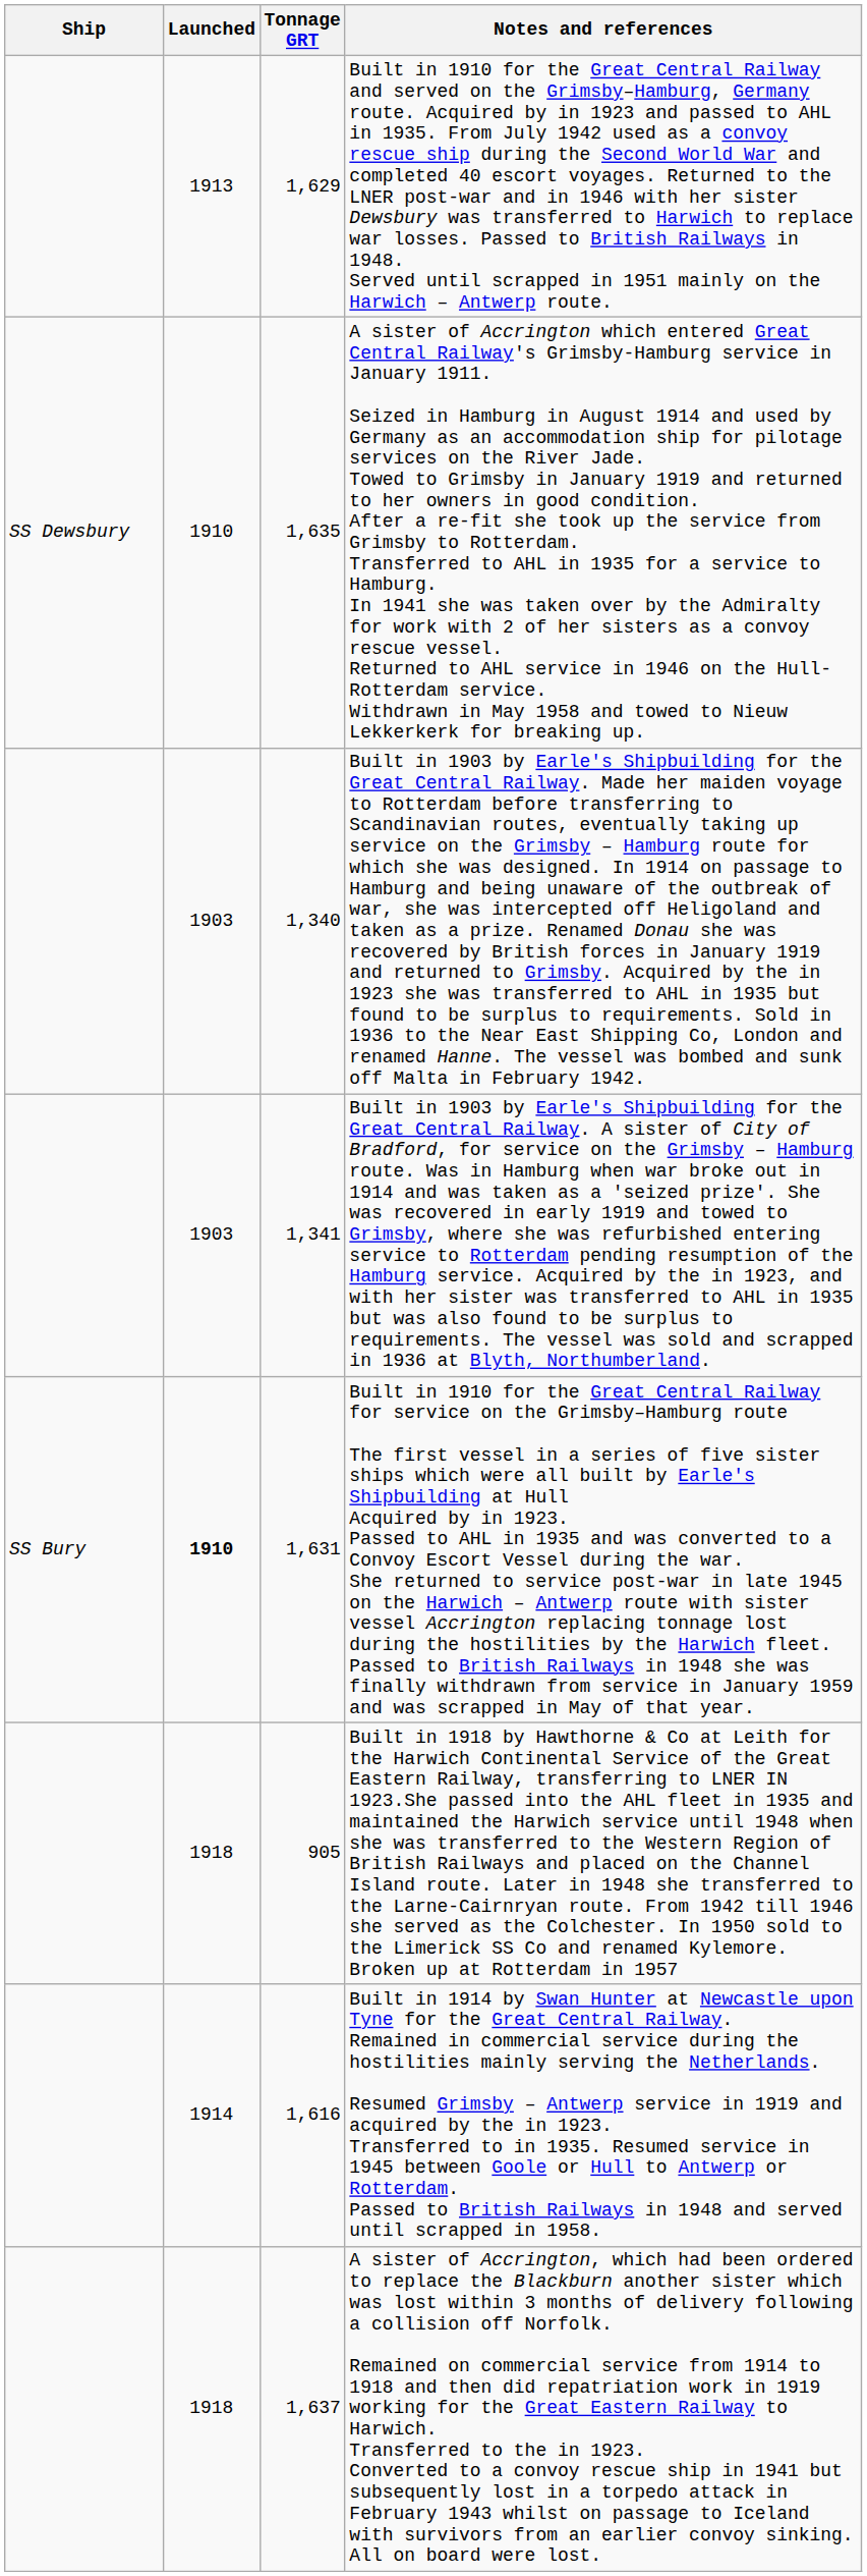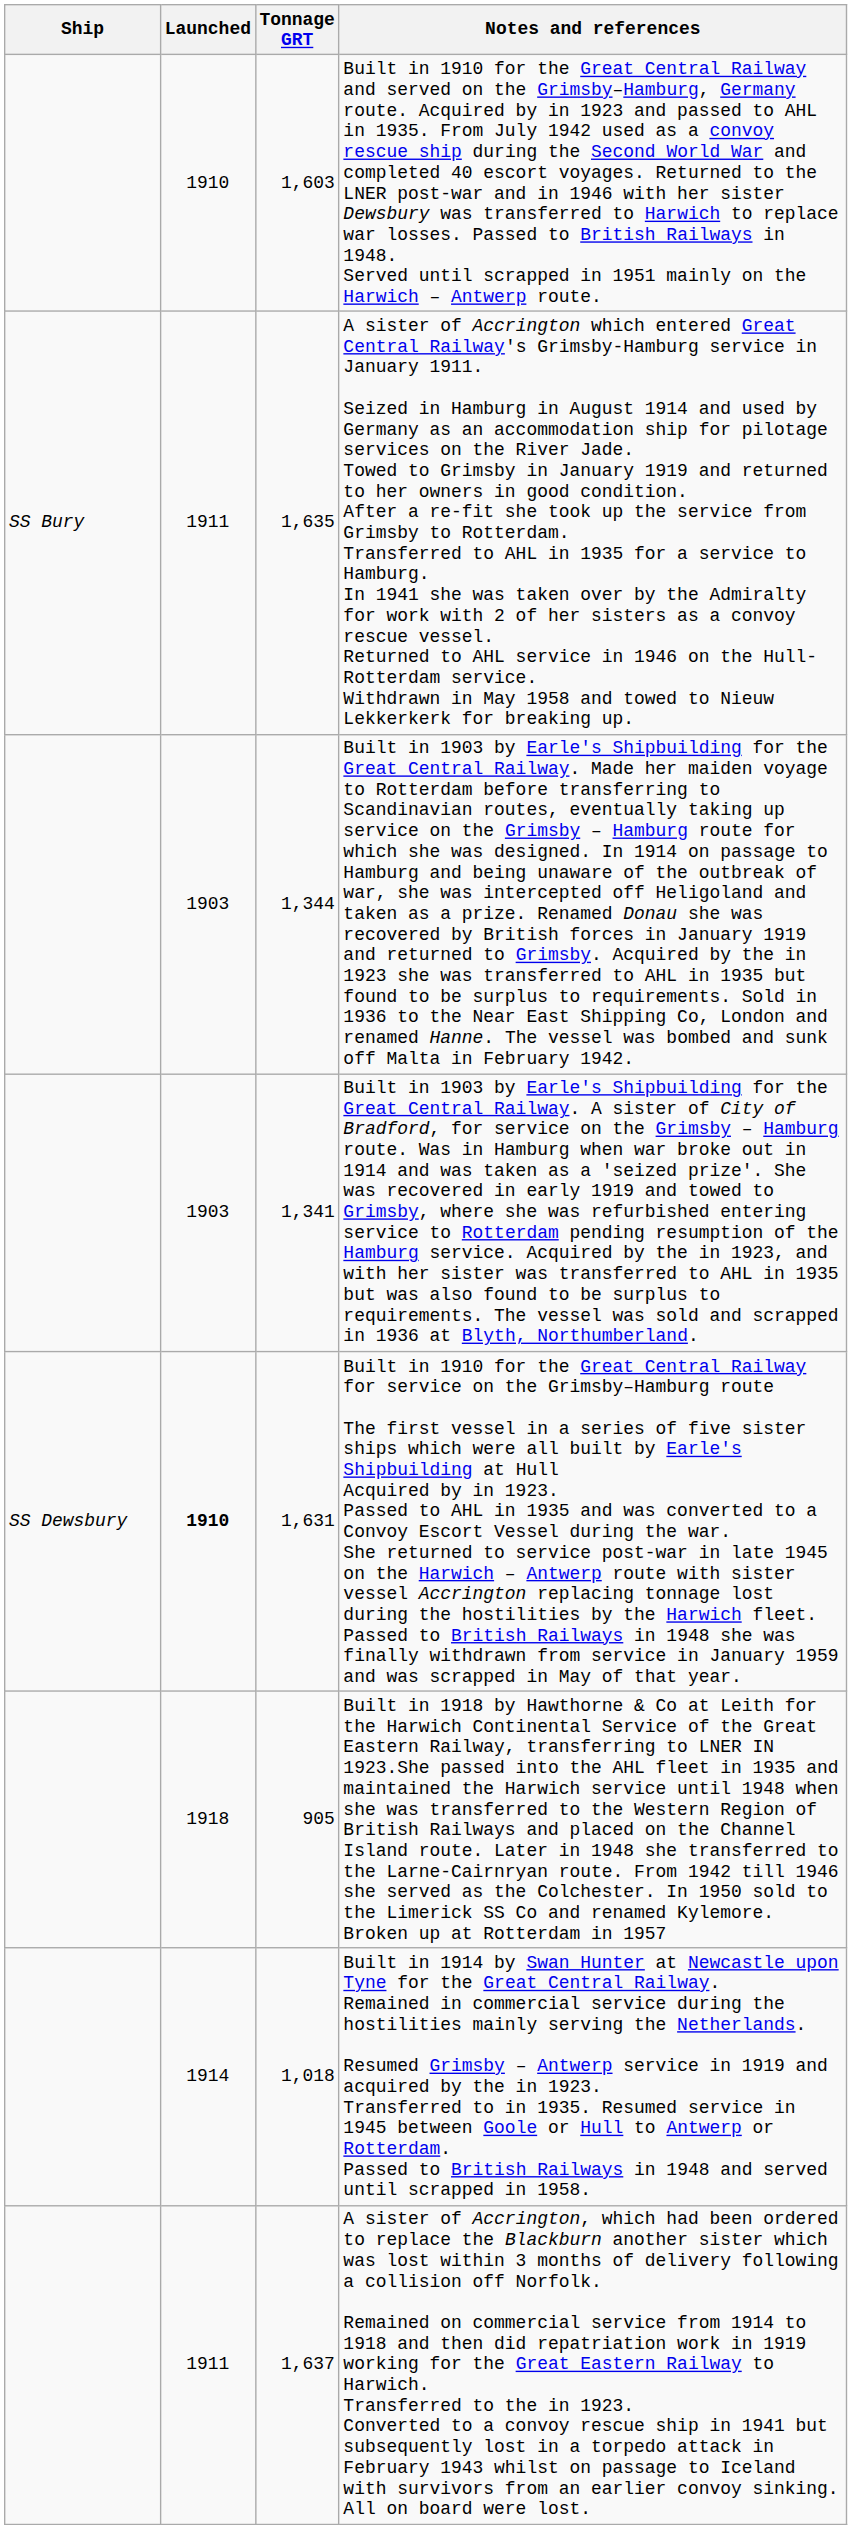 <table class="wikitable sortable">
 <tr>
 <th scope="col" width="150px">Ship</th>
 <th scope="col" width="25px">Launched</th>
 <th scope="col" width="25px">Tonnage <a href='#'>GRT</a></th>
 <th scope="col" width="600px">Notes and references</th>
 </tr>
 <tr>
 <td><em></em></td>
-<td align="center">1913</td>
-<td align="right">1,629</td>
+<td align="center">1910</td>
+<td align="right">1,603</td>
 <td>Built in 1910 for the <a href='#'>Great Central Railway</a> and served on the <a href='#'>Grimsby</a>–<a href='#'>Hamburg</a>, <a href='#'>Germany</a> route. Acquired by  in 1923 and passed to AHL in 1935. From July 1942 used as a <a href='#'>convoy rescue ship</a> during the <a href='#'>Second World War</a> and completed 40 escort voyages. Returned to the LNER post-war and in 1946 with her sister <em>Dewsbury</em> was transferred to <a href='#'>Harwich</a> to replace war losses. Passed to <a href='#'>British Railways</a> in 1948.<br>Served until scrapped in 1951 mainly on the <a href='#'>Harwich</a> – <a href='#'>Antwerp</a> route.</td>
 </tr>
 <tr>
-<td><em>SS Dewsbury</em></td>
-<td align="center">1910</td>
+<td><em>SS Bury</em></td>
+<td align="center">1911</td>
 <td align="right">1,635</td>
 <td>A sister of <em>Accrington</em> which entered <a href='#'>Great Central Railway</a>'s Grimsby-Hamburg service in January 1911.<br><br>Seized in Hamburg in August 1914 and used by Germany as an accommodation ship for pilotage services on the River Jade.<br> Towed to Grimsby in January 1919 and returned to her owners in good condition.<br> After a re-fit she took up the  service from Grimsby to Rotterdam.<br> Transferred to AHL in 1935 for a service to Hamburg.<br> In 1941 she was taken over by the Admiralty for work with 2 of her sisters as a convoy rescue vessel.<br> Returned to AHL service in 1946 on the Hull-Rotterdam service.<br> Withdrawn in May 1958 and towed to Nieuw Lekkerkerk for breaking up.</td>
 </tr>
 <tr>
 <td></td>
 <td align="center">1903</td>
-<td align="right">1,340</td>
+<td align="right">1,344</td>
 <td>Built in 1903 by <a href='#'>Earle's Shipbuilding</a> for the <a href='#'>Great Central Railway</a>. Made her maiden voyage to Rotterdam before transferring to Scandinavian routes, eventually taking up service on the <a href='#'>Grimsby</a> – <a href='#'>Hamburg</a> route for which she was designed. In 1914 on passage to Hamburg and being unaware of the outbreak of war, she was intercepted off Heligoland and taken as a prize. Renamed <em>Donau</em> she was recovered by British forces in January 1919 and returned to <a href='#'>Grimsby</a>.   Acquired by the  in 1923 she was transferred to AHL in 1935 but found to be surplus to requirements. Sold in 1936 to the Near East Shipping Co, London and renamed <em>Hanne</em>. The vessel was bombed and sunk off Malta in February 1942.</td>
 </tr>
 <tr>
 <td></td>
 <td align="center">1903</td>
 <td align="right">1,341</td>
 <td>Built in 1903 by <a href='#'>Earle's Shipbuilding</a> for the <a href='#'>Great Central Railway</a>. A sister of <em>City of Bradford</em>, for service on the <a href='#'>Grimsby</a> – <a href='#'>Hamburg</a> route. Was in Hamburg when war broke out in 1914 and was taken as a 'seized prize'. She was recovered in early 1919 and towed to <a href='#'>Grimsby</a>, where she was refurbished entering service to <a href='#'>Rotterdam</a> pending resumption of the <a href='#'>Hamburg</a> service.  Acquired by the  in 1923, and with her sister was transferred to AHL in 1935 but was also found to be surplus to requirements. The vessel was sold and scrapped in 1936 at <a href='#'>Blyth, Northumberland</a>.</td>
 </tr>
 <tr>
-<td><em>SS Bury</em></td>
+<td><em>SS Dewsbury</em></td>
 <td align="center"><strong>1910</strong></td>
 <td align="right">1,631</td>
 <td>Built in 1910 for the <a href='#'>Great Central Railway</a> for service on the Grimsby–Hamburg route<br><br>The first vessel in a series of five sister ships which were all built by <a href='#'>Earle's Shipbuilding</a> at Hull<br> Acquired by  in 1923.<br> Passed to AHL in 1935 and was converted to a Convoy Escort Vessel during the war.<br> She returned to service post-war in late 1945 on the <a href='#'>Harwich</a> – <a href='#'>Antwerp</a> route with sister vessel <em>Accrington</em> replacing tonnage lost during the hostilities by the <a href='#'>Harwich</a> fleet.<br> Passed to <a href='#'>British Railways</a> in 1948 she was finally withdrawn from service in January 1959 and was scrapped in May of that year.</td>
 </tr>
 <tr>
 <td></td>
 <td align="center">1918</td>
 <td align="right">905</td>
 <td>Built in 1918 by Hawthorne & Co at Leith for the Harwich Continental Service of the Great Eastern Railway, transferring to LNER IN 1923.She passed into the AHL fleet in 1935 and maintained the Harwich service until 1948 when she was transferred to the Western Region of British Railways and placed on the Channel Island route. Later in 1948 she transferred to the Larne-Cairnryan route. From 1942 till 1946 she served as the Colchester. In 1950 sold to the Limerick SS Co and renamed Kylemore. Broken up at Rotterdam in 1957</td>
 </tr>
 <tr>
 <td></td>
 <td align="center">1914</td>
-<td align="right">1,616</td>
+<td align="right">1,018</td>
 <td>Built in 1914 by <a href='#'>Swan Hunter</a> at <a href='#'>Newcastle upon Tyne</a> for the <a href='#'>Great Central Railway</a>.<br> Remained in commercial service during the hostilities mainly serving the <a href='#'>Netherlands</a>.<br><br>Resumed <a href='#'>Grimsby</a> – <a href='#'>Antwerp</a> service in 1919 and acquired by the  in 1923.<br> Transferred to  in 1935. Resumed service in 1945 between <a href='#'>Goole</a> or <a href='#'>Hull</a> to <a href='#'>Antwerp</a> or <a href='#'>Rotterdam</a>.<br> Passed to <a href='#'>British Railways</a> in 1948 and served until scrapped in 1958.</td>
 </tr>
 <tr>
 <td></td>
-<td align="center">1918</td>
+<td align="center">1911</td>
 <td align="right">1,637</td>
 <td>A sister of <em>Accrington</em>, which had been ordered to replace the <em>Blackburn</em> another sister which was lost within 3 months of delivery following a collision off Norfolk.<br><br>Remained on commercial service from 1914 to 1918 and then did repatriation work in 1919 working for the <a href='#'>Great Eastern Railway</a> to Harwich.<br> Transferred to the  in 1923.<br> Converted to a convoy rescue ship in 1941 but subsequently lost in a torpedo attack in February 1943 whilst on passage to Iceland with survivors from an earlier convoy sinking. All on board were lost.</td>
 </tr>
 <tr>
 </tr>
 </table>
